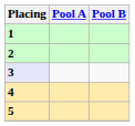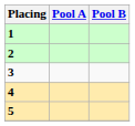 <table class=wikitable style="border:1px solid #AAAAAA;">
 <tr>
 <th>Placing</th>
 <th><a href='#'>Pool A</a></th>
 <th><a href='#'>Pool B</a></th>
 </tr>
 <tr style="background: #ccffcc;">
 <td><strong>1</strong></td>
 <td></td>
 <td></td>
 </tr>
 <tr style="background: #ccffcc;">
 <td><strong>2</strong></td>
 <td></td>
 <td></td>
 </tr>
 <tr>
-<td style="background: lavender;"><strong>3</strong></td>
+<td><strong>3</strong></td>
 <td> </td>
 <td></td>
 </tr>
 <tr style="background: #ffebad;">
 <td><strong>4</strong></td>
 <td></td>
 <td></td>
 </tr>
 <tr style="background: #ffebad;">
 <td><strong>5</strong></td>
 <td></td>
 <td></td>
 </tr>
 <tr>
 </tr>
 </table>
